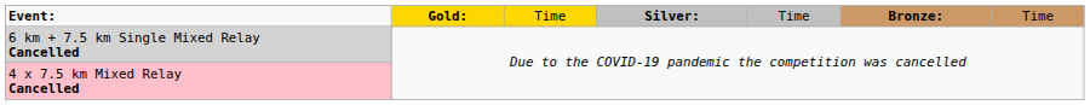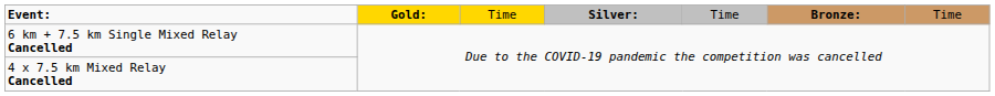 <table class="wikitable" border="1" style="width:85%;">
 <tr>
 <td><strong>Event:</strong></td>
 <td style="text-align:center;background-color:gold;"><strong>Gold:</strong></td>
 <td style="text-align:center;background-color:gold;">Time</td>
 <td style="text-align:center;background-color:silver;"><strong>Silver:</strong></td>
 <td style="text-align:center;background-color:silver;">Time</td>
 <td style="text-align:center;background-color:#CC9966;"><strong>Bronze:</strong></td>
 <td style="text-align:center;background-color:#CC9966;">Time</td>
 </tr>
 <tr>
-<td style="background: lightgrey;">6 km + 7.5 km Single Mixed Relay<br><strong>Cancelled</strong></td>
+<td>6 km + 7.5 km Single Mixed Relay<br><strong>Cancelled</strong></td>
 <td colspan=6 rowspan=2 align="center"><em>Due to the COVID-19 pandemic the competition was cancelled</em></td>
 </tr>
 <tr>
-<td style="background: pink;">4 x 7.5 km Mixed Relay<br><strong>Cancelled</strong></td>
+<td>4 x 7.5 km Mixed Relay<br><strong>Cancelled</strong></td>
 </tr>
 </table>
